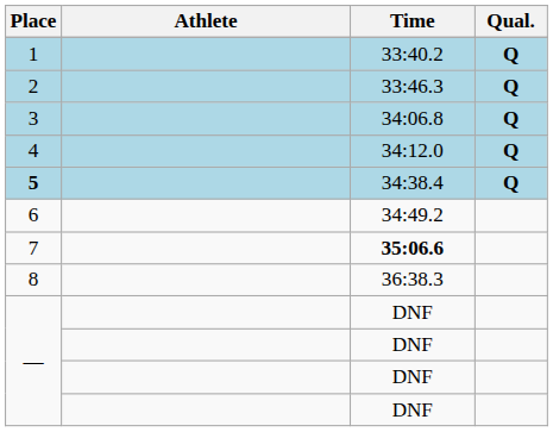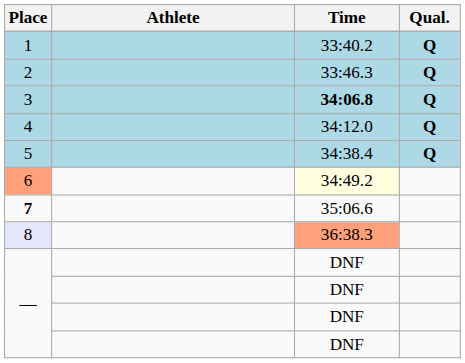 <table class=wikitable style="text-align:center">
 <tr>
 <th width=20>Place</th>
 <th width=220>Athlete</th>
 <th width=90>Time</th>
 <th width=50>Qual.</th>
 </tr>
 <tr>
 </tr>
 <tr bgcolor=lightblue>
 <td>1</td>
 <td align=left></td>
 <td>33:40.2</td>
 <td><strong>Q</strong></td>
 </tr>
 <tr bgcolor=lightblue>
 <td>2</td>
 <td align=left></td>
 <td>33:46.3</td>
 <td><strong>Q</strong></td>
 </tr>
 <tr bgcolor=lightblue>
 <td>3</td>
 <td align=left></td>
-<td>34:06.8</td>
+<td><strong>34:06.8</strong></td>
 <td><strong>Q</strong></td>
 </tr>
 <tr bgcolor=lightblue>
 <td>4</td>
 <td align=left></td>
 <td>34:12.0</td>
 <td><strong>Q</strong></td>
 </tr>
 <tr bgcolor=lightblue>
-<td><strong>5</strong></td>
+<td>5</td>
 <td align=left></td>
 <td>34:38.4</td>
 <td><strong>Q</strong></td>
 </tr>
 <tr>
-<td>6</td>
+<td style="background: lightsalmon;">6</td>
 <td align=left></td>
-<td>34:49.2</td>
+<td style="background: lightyellow;">34:49.2</td>
 <td></td>
 </tr>
 <tr>
-<td>7</td>
+<td><strong>7</strong></td>
 <td align=left></td>
-<td><strong>35:06.6</strong></td>
+<td>35:06.6</td>
 <td></td>
 </tr>
 <tr>
-<td>8</td>
+<td style="background: lavender;">8</td>
 <td align=left></td>
-<td>36:38.3</td>
+<td style="background: lightsalmon;">36:38.3</td>
 <td></td>
 </tr>
 <tr>
 <td rowspan=4>—</td>
 <td align=left></td>
 <td>DNF</td>
 <td></td>
 </tr>
 <tr>
 <td align=left></td>
 <td>DNF</td>
 <td></td>
 </tr>
 <tr>
 <td align=left></td>
 <td>DNF</td>
 <td></td>
 </tr>
 <tr>
 <td align=left></td>
 <td>DNF</td>
 <td></td>
 </tr>
 </table>
